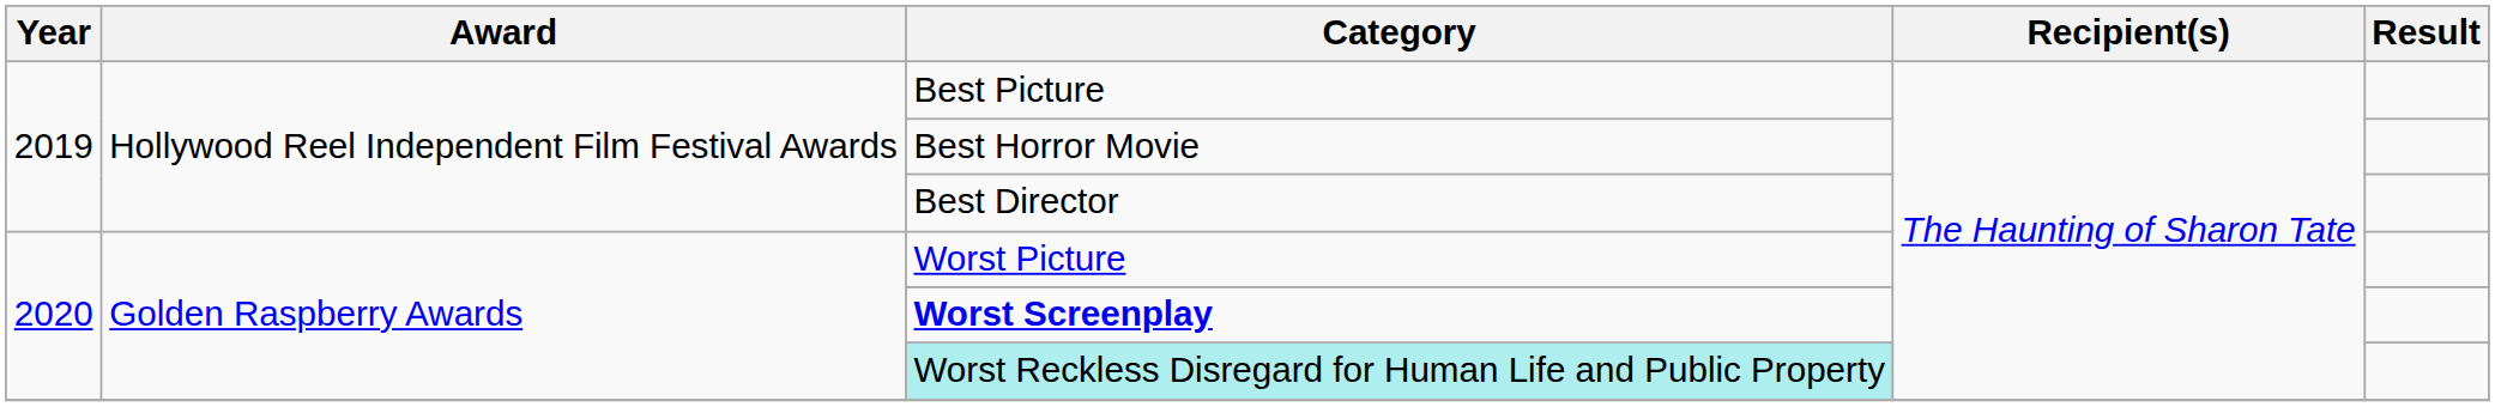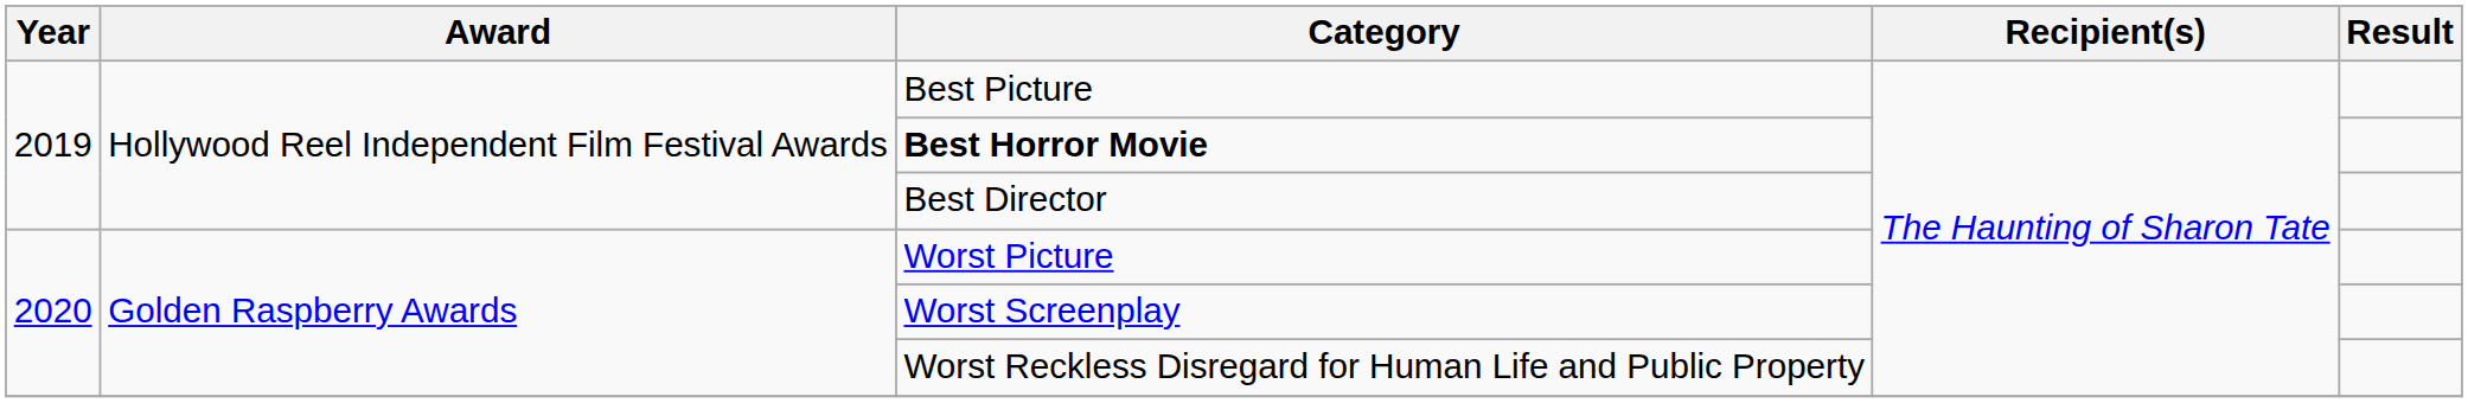 <table class="wikitable sortable">
 <tr>
 <th>Year</th>
 <th>Award</th>
 <th>Category</th>
 <th>Recipient(s)</th>
 <th>Result</th>
 </tr>
 <tr>
 <td rowspan="3" style="text-align:center;">2019</td>
 <td rowspan="3">Hollywood Reel Independent Film Festival Awards</td>
 <td>Best Picture</td>
 <td rowspan="6"><em><a href='#'>The Haunting of Sharon Tate</a></em></td>
 <td></td>
 </tr>
 <tr>
-<td>Best Horror Movie</td>
+<td><strong>Best Horror Movie</strong></td>
 <td></td>
 </tr>
 <tr>
 <td>Best Director</td>
 <td></td>
 </tr>
 <tr>
 <td rowspan="3" style="text-align:center;"><a href='#'>2020</a></td>
 <td rowspan="3"><a href='#'>Golden Raspberry Awards</a></td>
 <td><a href='#'>Worst Picture</a></td>
 <td></td>
 </tr>
 <tr>
-<td><strong><a href='#'>Worst Screenplay</a></strong></td>
+<td><a href='#'>Worst Screenplay</a></td>
 <td></td>
 </tr>
 <tr>
-<td style="background: paleturquoise;">Worst Reckless Disregard for Human Life and Public Property</td>
+<td>Worst Reckless Disregard for Human Life and Public Property</td>
 <td></td>
 </tr>
 <tr>
 </tr>
 </table>
